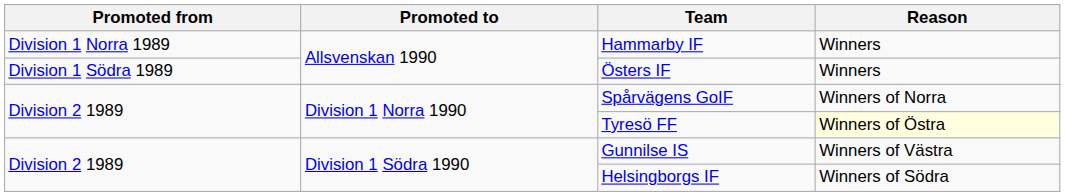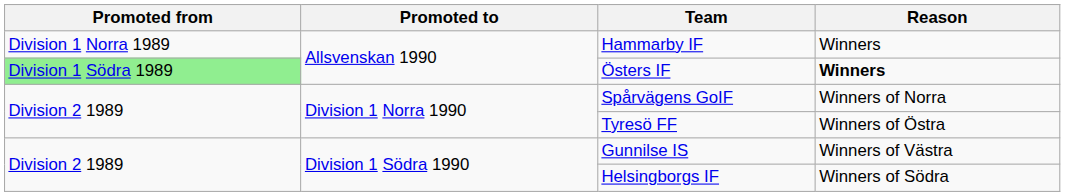 <table class="wikitable" style="text-align: left">
 <tr>
 <th style="width: 275px;">Promoted from</th>
 <th style="width: 275px;">Promoted to</th>
 <th style="width: 200px;">Team</th>
 <th style="width: 225px;">Reason</th>
 </tr>
 <tr>
 <td><a href='#'>Division 1</a> <a href='#'>Norra</a> 1989</td>
 <td rowspan=2><a href='#'>Allsvenskan</a> 1990</td>
 <td><a href='#'>Hammarby IF</a></td>
 <td>Winners</td>
 </tr>
 <tr>
-<td><a href='#'>Division 1</a> <a href='#'>Södra</a> 1989</td>
+<td style="background: lightgreen;"><a href='#'>Division 1</a> <a href='#'>Södra</a> 1989</td>
 <td><a href='#'>Östers IF</a></td>
-<td>Winners</td>
+<td><strong>Winners</strong></td>
 </tr>
 <tr>
 <td rowspan=2><a href='#'>Division 2</a> 1989</td>
 <td rowspan=2><a href='#'>Division 1</a> <a href='#'>Norra</a> 1990</td>
 <td><a href='#'>Spårvägens GoIF</a></td>
 <td>Winners of Norra</td>
 </tr>
 <tr>
 <td><a href='#'>Tyresö FF</a></td>
-<td style="background: lightyellow;">Winners of Östra</td>
+<td>Winners of Östra</td>
 </tr>
 <tr>
 <td rowspan=2><a href='#'>Division 2</a> 1989</td>
 <td rowspan=2><a href='#'>Division 1</a> <a href='#'>Södra</a> 1990</td>
 <td><a href='#'>Gunnilse IS</a></td>
 <td>Winners of Västra</td>
 </tr>
 <tr>
 <td><a href='#'>Helsingborgs IF</a></td>
 <td>Winners of Södra</td>
 </tr>
 </table>
